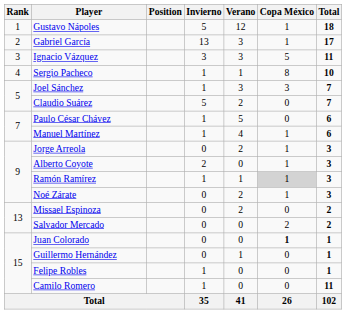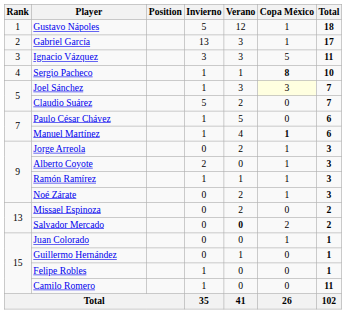 <table class="wikitable">
 <tr>
 <th>Rank</th>
 <th style="width:185px;">Player</th>
 <th>Position</th>
 <th>Invierno</th>
 <th>Verano</th>
 <th>Copa México</th>
 <th>Total</th>
 </tr>
 <tr>
 <td align=center>1</td>
 <td> <a href='#'>Gustavo Nápoles</a></td>
 <td align=center></td>
 <td align=center>5</td>
 <td align=center>12</td>
 <td align=center>1</td>
 <td align=center><strong>18</strong></td>
 </tr>
 <tr>
 <td align=center>2</td>
 <td> <a href='#'>Gabriel García</a></td>
 <td align=center></td>
 <td align=center>13</td>
 <td align=center>3</td>
 <td align=center>1</td>
 <td align=center><strong>17</strong></td>
 </tr>
 <tr>
 <td align=center>3</td>
 <td> <a href='#'>Ignacio Vázquez</a></td>
 <td align=center></td>
 <td align=center>3</td>
 <td align=center>3</td>
 <td align=center>5</td>
 <td align=center><strong>11</strong></td>
 </tr>
 <tr>
 <td align=center>4</td>
 <td> <a href='#'>Sergio Pacheco</a></td>
 <td align=center></td>
 <td align=center>1</td>
 <td align=center>1</td>
-<td align=center>8</td>
+<td align=center><strong>8</strong></td>
 <td align=center><strong>10</strong></td>
 </tr>
 <tr>
 <td align=center rowspan=2>5</td>
 <td> <a href='#'>Joel Sánchez</a></td>
 <td align=center></td>
 <td align=center>1</td>
 <td align=center>3</td>
-<td align=center>3</td>
+<td align=center style="background: lightyellow;">3</td>
 <td align=center><strong>7</strong></td>
 </tr>
 <tr>
 <td> <a href='#'>Claudio Suárez</a></td>
 <td align=center></td>
 <td align=center>5</td>
 <td align=center>2</td>
 <td align=center>0</td>
 <td align=center><strong>7</strong></td>
 </tr>
 <tr>
 <td align=center rowspan=2>7</td>
 <td> <a href='#'>Paulo César Chávez</a></td>
 <td align=center></td>
 <td align=center>1</td>
 <td align=center>5</td>
 <td align=center>0</td>
 <td align=center><strong>6</strong></td>
 </tr>
 <tr>
 <td> <a href='#'>Manuel Martínez</a></td>
 <td align=center></td>
 <td align=center>1</td>
 <td align=center>4</td>
-<td align=center>1</td>
+<td align=center><strong>1</strong></td>
 <td align=center><strong>6</strong></td>
 </tr>
 <tr>
 <td align=center rowspan=4>9</td>
 <td> <a href='#'>Jorge Arreola</a></td>
 <td align=center></td>
 <td align=center>0</td>
 <td align=center>2</td>
 <td align=center>1</td>
 <td align=center><strong>3</strong></td>
 </tr>
 <tr>
 <td> <a href='#'>Alberto Coyote</a></td>
 <td align=center></td>
 <td align=center>2</td>
 <td align=center>0</td>
 <td align=center>1</td>
 <td align=center><strong>3</strong></td>
 </tr>
 <tr>
 <td> <a href='#'>Ramón Ramírez</a></td>
 <td align=center></td>
 <td align=center>1</td>
 <td align=center>1</td>
-<td align=center style="background: lightgrey;">1</td>
+<td align=center>1</td>
 <td align=center><strong>3</strong></td>
 </tr>
 <tr>
 <td> <a href='#'>Noé Zárate</a></td>
 <td align=center></td>
 <td align=center>0</td>
 <td align=center>2</td>
 <td align=center>1</td>
 <td align=center><strong>3</strong></td>
 </tr>
 <tr>
 <td align=center rowspan=2>13</td>
 <td> <a href='#'>Missael Espinoza</a></td>
 <td align=center></td>
 <td align=center>0</td>
 <td align=center>2</td>
 <td align=center>0</td>
 <td align=center><strong>2</strong></td>
 </tr>
 <tr>
 <td> <a href='#'>Salvador Mercado</a></td>
 <td align=center></td>
 <td align=center>0</td>
-<td align=center>0</td>
+<td align=center><strong>0</strong></td>
 <td align=center>2</td>
 <td align=center><strong>2</strong></td>
 </tr>
 <tr>
 <td align=center rowspan=4>15</td>
 <td> <a href='#'>Juan Colorado</a></td>
 <td align=center></td>
 <td align=center>0</td>
 <td align=center>0</td>
-<td align=center><strong>1</strong></td>
+<td align=center>1</td>
 <td align=center><strong>1</strong></td>
 </tr>
 <tr>
 <td> <a href='#'>Guillermo Hernández</a></td>
 <td align=center></td>
 <td align=center>0</td>
 <td align=center>1</td>
 <td align=center>0</td>
 <td align=center><strong>1</strong></td>
 </tr>
 <tr>
 <td> <a href='#'>Felipe Robles</a></td>
 <td align=center></td>
 <td align=center>1</td>
 <td align=center>0</td>
 <td align=center>0</td>
 <td align=center><strong>1</strong></td>
 </tr>
 <tr>
 <td> <a href='#'>Camilo Romero</a></td>
 <td align=center></td>
 <td align=center>1</td>
 <td align=center>0</td>
 <td align=center>0</td>
 <td align=center><strong>11</strong></td>
 </tr>
 <tr>
 <th align=center colspan=3>Total</th>
 <th align=center>35</th>
 <th align=center>41</th>
 <th align=center>26</th>
 <th align=center>102</th>
 </tr>
 </table>
